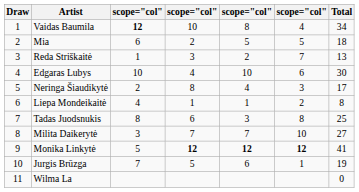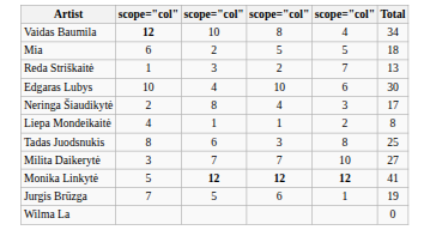 <table class="wikitable collapsible" style="margin: 1em auto 1em auto; text-align:center;">
 <tr>
-<th>Draw</th>
 <th>Artist</th>
 <th>scope="col" </th>
 <th>scope="col" </th>
 <th>scope="col" </th>
 <th>scope="col" </th>
 <th>Total</th>
 </tr>
 <tr>
-<td>1</td>
 <td align="left">Vaidas Baumila</td>
 <td><strong>12</strong></td>
 <td>10</td>
 <td>8</td>
 <td>4</td>
 <td>34</td>
 </tr>
 <tr>
-<td>2</td>
 <td align="left">Mia</td>
 <td>6</td>
 <td>2</td>
 <td>5</td>
 <td>5</td>
 <td>18</td>
 </tr>
 <tr>
-<td>3</td>
 <td align="left">Reda Striškaitė</td>
 <td>1</td>
 <td>3</td>
 <td>2</td>
 <td>7</td>
 <td>13</td>
 </tr>
 <tr>
-<td>4</td>
 <td align="left">Edgaras Lubys</td>
 <td>10</td>
 <td>4</td>
 <td>10</td>
 <td>6</td>
 <td>30</td>
 </tr>
 <tr>
-<td>5</td>
 <td align="left">Neringa Šiaudikytė</td>
 <td>2</td>
 <td>8</td>
 <td>4</td>
 <td>3</td>
 <td>17</td>
 </tr>
 <tr>
-<td>6</td>
 <td align="left">Liepa Mondeikaitė</td>
 <td>4</td>
 <td>1</td>
 <td>1</td>
 <td>2</td>
 <td>8</td>
 </tr>
 <tr>
-<td>7</td>
 <td align="left">Tadas Juodsnukis</td>
 <td>8</td>
 <td>6</td>
 <td>3</td>
 <td>8</td>
 <td>25</td>
 </tr>
 <tr>
-<td>8</td>
 <td align="left">Milita Daikerytė</td>
 <td>3</td>
 <td>7</td>
 <td>7</td>
 <td>10</td>
 <td>27</td>
 </tr>
 <tr>
-<td>9</td>
 <td align="left">Monika Linkytė</td>
 <td>5</td>
 <td><strong>12</strong></td>
 <td><strong>12</strong></td>
 <td><strong>12</strong></td>
 <td>41</td>
 </tr>
 <tr>
-<td>10</td>
 <td align="left">Jurgis Brūzga</td>
 <td>7</td>
 <td>5</td>
 <td>6</td>
 <td>1</td>
 <td>19</td>
 </tr>
 <tr>
-<td>11</td>
 <td align="left">Wilma La</td>
 <td></td>
 <td></td>
 <td></td>
 <td></td>
 <td>0</td>
 </tr>
 </table>
